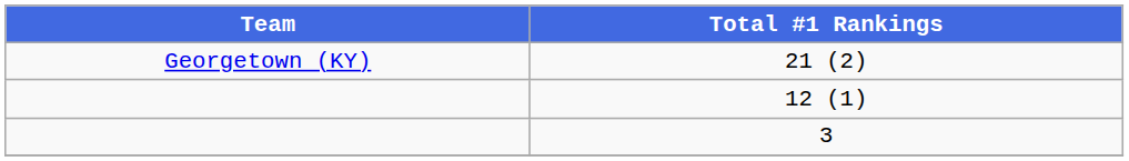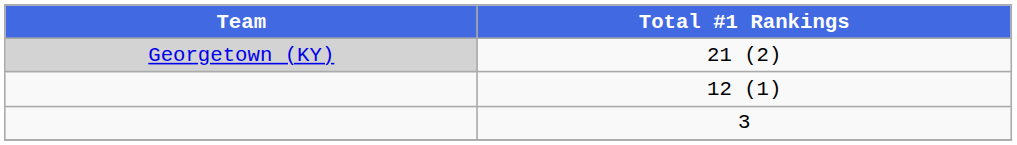 <table class="wikitable" style="width:40%;">
 <tr>
 <th style="background:#4169E1; color:white;">Team</th>
 <th style="background:#4169E1; color:white;">Total #1 Rankings</th>
 </tr>
 <tr style="text-align:center;">
-<td><a href='#'>Georgetown (KY)</a></td>
+<td style="background: lightgrey;"><a href='#'>Georgetown (KY)</a></td>
 <td>21 (2)</td>
 </tr>
 <tr style="text-align:center;">
 <td></td>
 <td>12 (1)</td>
 </tr>
 <tr style="text-align:center;">
 <td></td>
 <td>3</td>
 </tr>
 <tr style="text-align:center;">
 </tr>
 </table>
